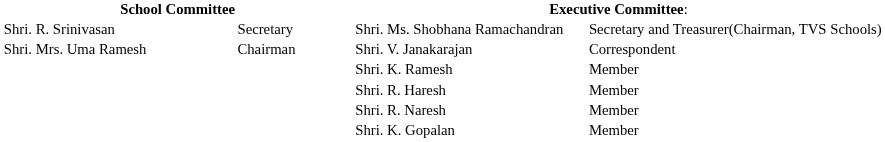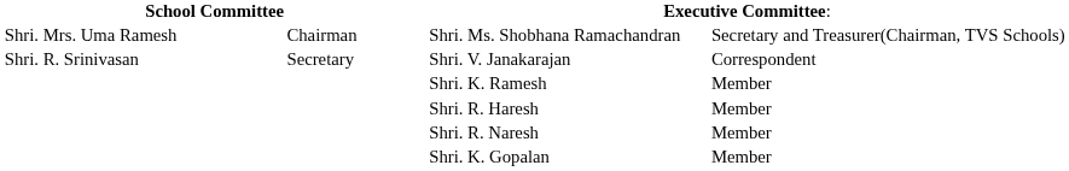 <table>
 <tr>
 <td colspan = "3" style="text-align: center;"><strong>School Committee</strong></td>
 <td colspan = "2" style="text-align: center;"><strong>Executive Committee</strong>:</td>
 </tr>
 <tr>
-<td style="width: 250px;">Shri. R. Srinivasan</td>
-<td>Secretary</td>
+<td>Shri. Mrs. Uma Ramesh</td>
+<td style="width: 100px;">Chairman</td>
 <td style="width: 20px;"></td>
 <td style="width: 250px;">Shri. Ms. Shobhana Ramachandran</td>
 <td>Secretary and Treasurer(Chairman, TVS Schools)</td>
 </tr>
 <tr>
-<td>Shri. Mrs. Uma Ramesh</td>
-<td style="width: 100px;">Chairman</td>
+<td style="width: 250px;">Shri. R. Srinivasan</td>
+<td>Secretary</td>
 <td></td>
 <td>Shri. V. Janakarajan</td>
 <td>Correspondent</td>
 </tr>
 <tr>
 <td></td>
 <td></td>
 <td></td>
 <td>Shri. K. Ramesh</td>
 <td>Member</td>
 </tr>
 <tr>
 <td></td>
 <td></td>
 <td></td>
 <td>Shri. R. Haresh</td>
 <td>Member</td>
 </tr>
 <tr>
 <td></td>
 <td></td>
 <td></td>
 <td>Shri. R. Naresh</td>
 <td>Member</td>
 </tr>
 <tr>
 <td></td>
 <td></td>
 <td></td>
 <td>Shri. K. Gopalan</td>
 <td>Member</td>
 </tr>
 </table>
